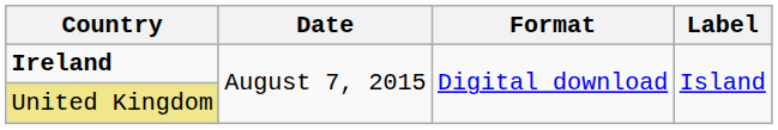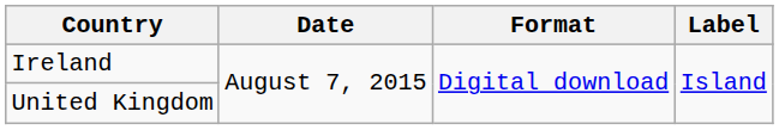 <table class="wikitable plainrowheaders">
 <tr>
 <th scope="col">Country</th>
 <th scope="col">Date</th>
 <th scope="col">Format</th>
 <th scope="col">Label</th>
 </tr>
 <tr>
-<td><strong>Ireland</strong></td>
+<td>Ireland</td>
 <td rowspan="2">August 7, 2015</td>
 <td rowspan="2"><a href='#'>Digital download</a></td>
 <td rowspan="2"><a href='#'>Island</a></td>
 </tr>
 <tr>
-<td style="background: khaki;">United Kingdom</td>
+<td>United Kingdom</td>
 </tr>
 </table>
